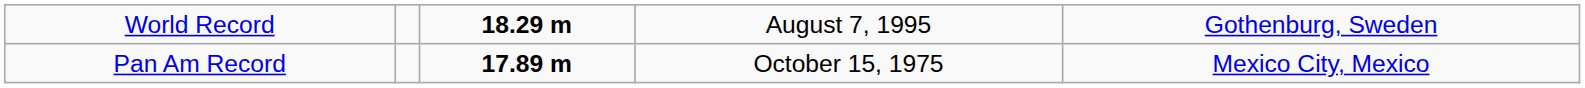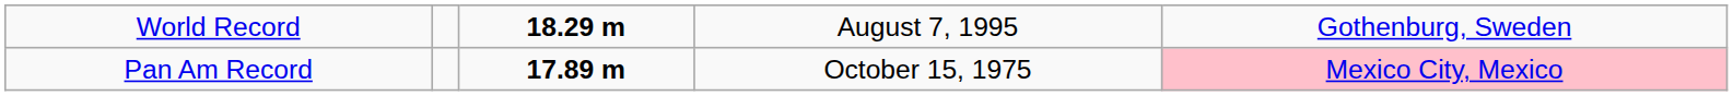 <table class="wikitable" style=" text-align:center; font-size:95%;" width="77%">
 <tr>
 <td><a href='#'>World Record</a></td>
 <td></td>
 <td><strong>18.29 m </strong></td>
 <td>August 7, 1995</td>
 <td> <a href='#'>Gothenburg, Sweden</a></td>
 </tr>
 <tr>
 <td><a href='#'>Pan Am Record</a></td>
 <td></td>
 <td><strong>17.89 m </strong></td>
 <td>October 15, 1975</td>
-<td> <a href='#'>Mexico City, Mexico</a></td>
+<td style="background: pink;"> <a href='#'>Mexico City, Mexico</a></td>
 </tr>
 </table>
